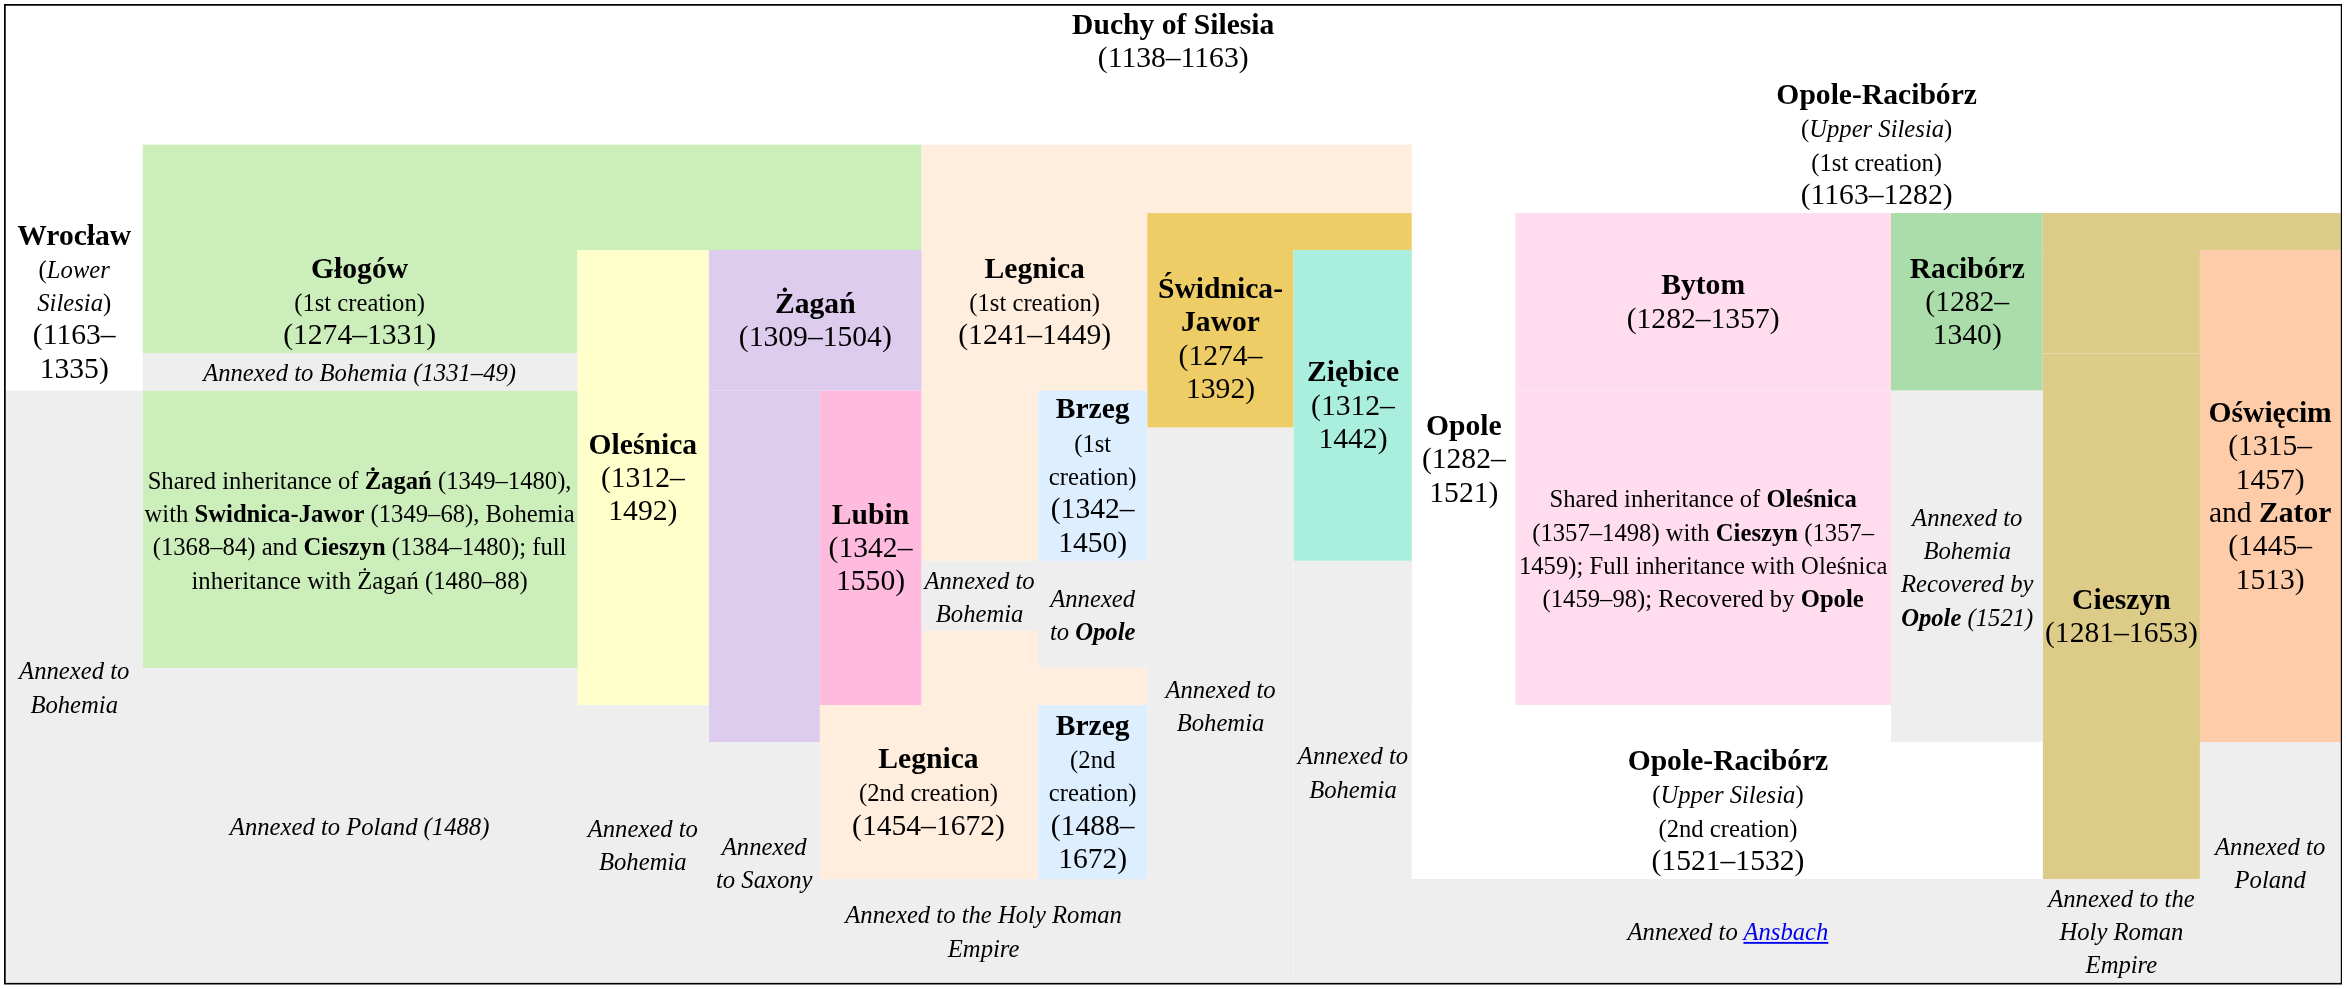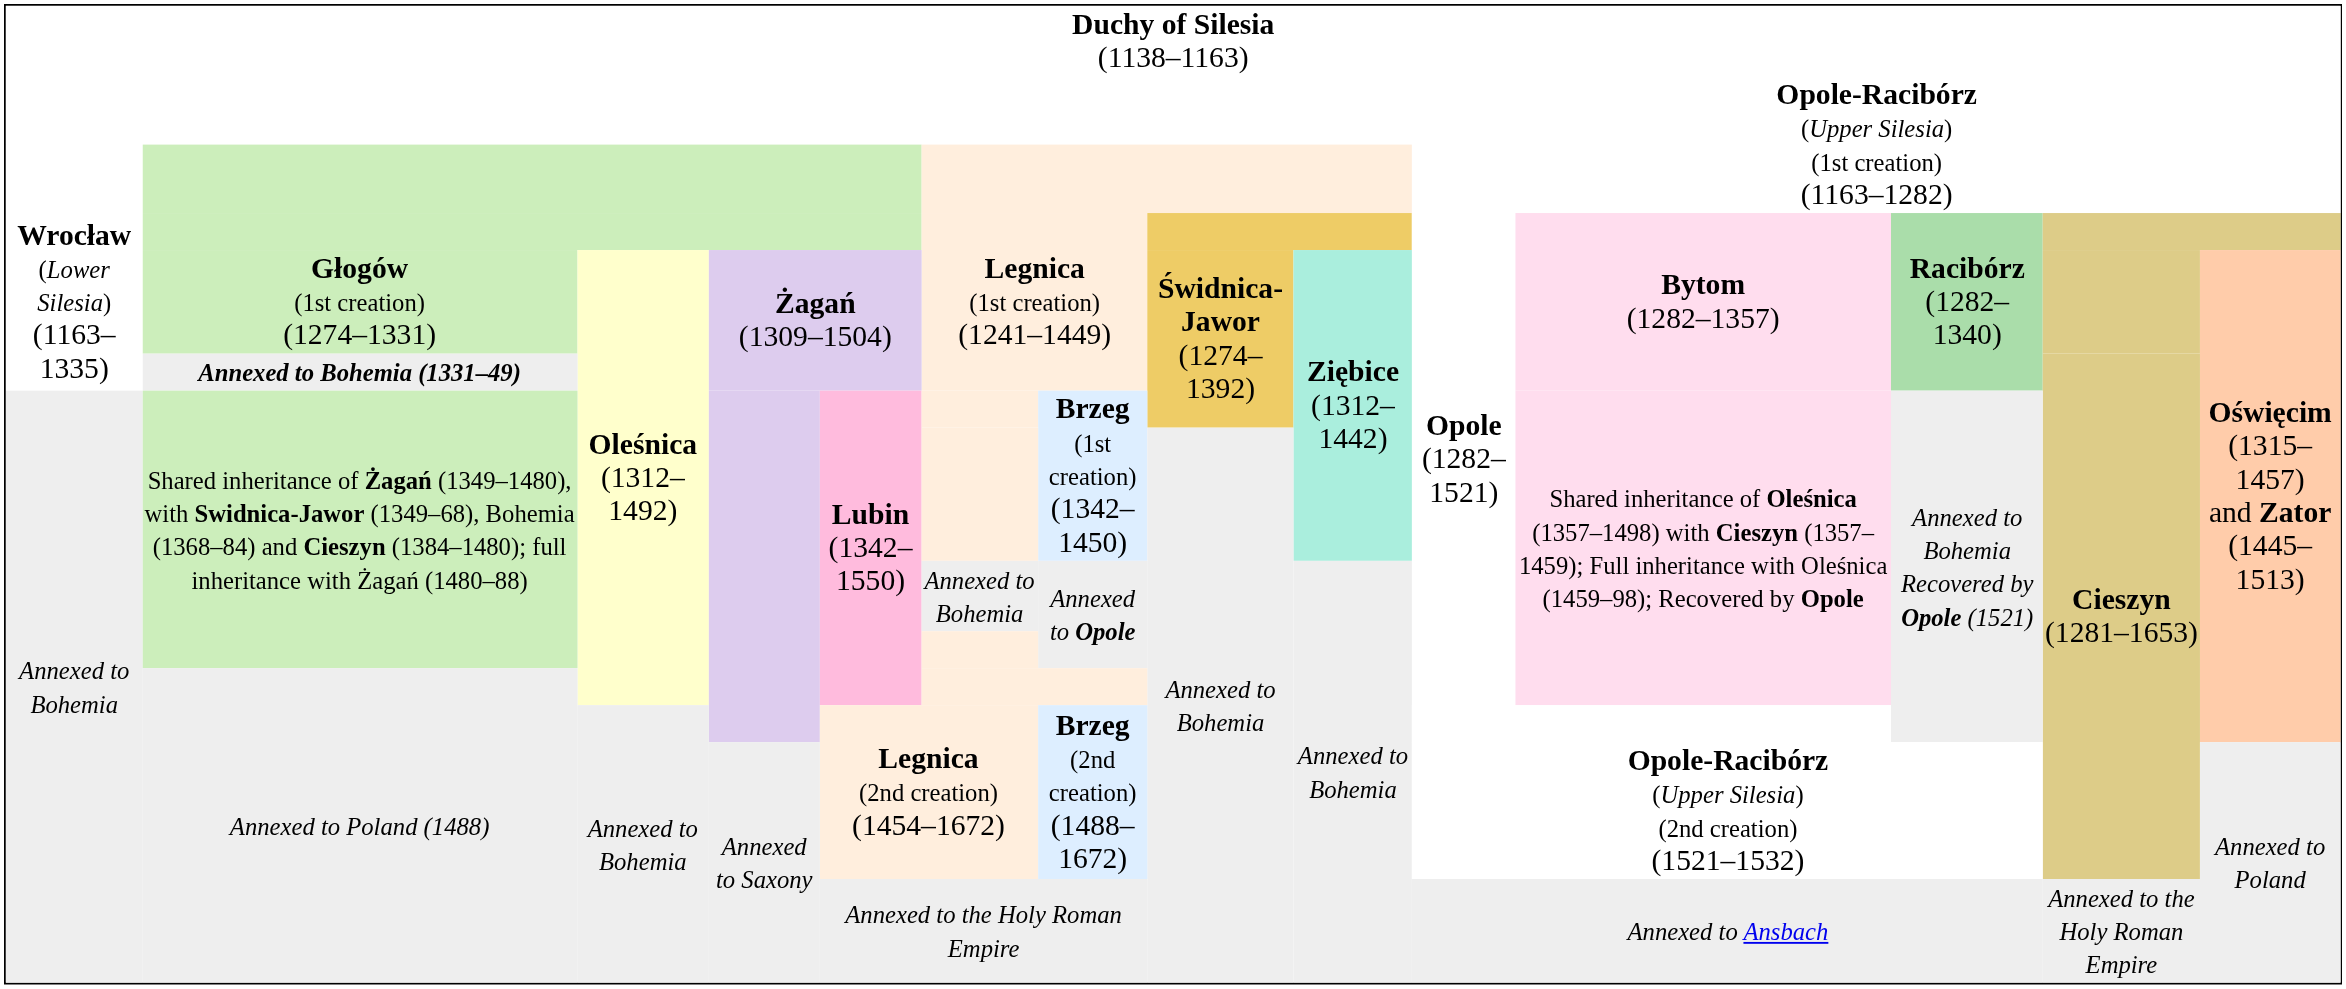 <table align=center style="border-spacing: 0px; border: 1px solid black; text-align: center;">
 <tr>
 <td colspan=14 style="background: #fff;"><strong>Duchy of Silesia</strong><br>(1138–1163)</td>
 </tr>
 <tr>
 <td colspan=9 style="background: #fff;">      </td>
 <td colspan=5 rowspan="2" style="background: #fff;"><strong>Opole-Racibórz</strong><br><small>(<em>Upper Silesia</em>)<br>(1st creation)</small><br>(1163–1282)</td>
 </tr>
 <tr>
 <td colspan=1 style="background: #fff;">      </td>
 <td colspan=4 style="background: #ceb;">      </td>
 <td colspan=4 style="background: #fed;">      </td>
 </tr>
 <tr>
 <td colspan=1 rowspan="3" style="background: #fff;"><strong>Wrocław</strong><br><small>(<em>Lower Silesia</em>)</small><br>(1163–1335)</td>
 <td colspan=4 style="background: #ceb;">      </td>
 <td colspan=2 rowspan="4" style="background: #fed;"><strong>Legnica</strong><br><small>(1st creation)</small><br>(1241–1449)</td>
 <td colspan=2 style="background: #ec6;">      </td>
 <td colspan=1 rowspan="9" style="background: #fff;"><strong>Opole</strong> <br>(1282–1521)</td>
 <td colspan=1 rowspan="4" style="background: #fde;"><strong>Bytom</strong><br>(1282–1357)</td>
 <td colspan=1 rowspan="3" style="background: #ada;"><strong>Racibórz</strong><br>(1282–1340)</td>
 <td colspan=2 style="background: #dc8;">      </td>
 </tr>
 <tr>
 <td colspan=1 style="background: #ceb;"><strong>Głogów</strong><br><small>(1st creation)</small><br>(1274–1331)</td>
 <td colspan=1 rowspan="8" style="background: #ffc;"><strong>Oleśnica</strong> <br>(1312–1492)</td>
 <td colspan=2 rowspan="3" style="background: #dce;"><strong>Żagań</strong><br>(1309–1504)</td>
 <td colspan=1 rowspan="4" style="background: #ec6;"><strong>Świdnica-Jawor</strong><br>(1274–1392)</td>
 <td colspan=1 rowspan="5" style="background: #aed;"><strong>Ziębice</strong><br>(1312–1442)</td>
 <td colspan=1 style="background: #dc8;">      </td>
 <td colspan=1 rowspan="9" style="background: #fca;"><strong>Oświęcim</strong><br>(1315–1457)<br>and <strong>Zator</strong><br>(1445–1513)</td>
 </tr>
 <tr>
-<td colspan=1 style="background: #eee;"><small><em>Annexed to Bohemia (1331–49)</em></small></td>
+<td colspan=1 style="background: #eee;"><strong><small><em>Annexed to Bohemia (1331–49)</em></small></strong></td>
 <td colspan=1 rowspan="10" style="background: #dc8;"><strong>Cieszyn</strong><br>(1281–1653)</td>
 </tr>
 <tr>
 <td colspan=1 rowspan="10" style="background: #eee;"><small><em>Annexed to Bohemia</em></small></td>
 <td colspan=1 rowspan="5" style="background: #ceb;"><small>Shared inheritance of <span><strong>Żagań</strong> (1349–1480)</span>, with <span><strong>Swidnica-Jawor</strong> (1349–68)</span>, Bohemia (1368–84) and <span><strong>Cieszyn</strong> (1384–1480)</span>; full inheritance with Żagań (1480–88)</small></td>
 <td colspan=1 rowspan="7" style="background: #eee;"><small><em>Annexed to Bohemia<br>Recovered by <span><strong>Opole</strong></span> (1521)</em></small></td>
 </tr>
 <tr>
 <td colspan=1 rowspan="6" style="background: #dce;">      </td>
 <td colspan=1 rowspan="5" style="background: #fbd;"><strong>Lubin</strong><br>(1342–1550)</td>
 <td colspan=1 style="background: #fed;">      </td>
 <td colspan=1 rowspan="2" style="background: #def;"><strong>Brzeg</strong><br><small>(1st creation)</small><br>(1342–1450)</td>
 <td colspan=1 rowspan="5" style="background: #fde;"><small>Shared inheritance of <span><strong>Oleśnica</strong> (1357–1498)</span> with <span><strong>Cieszyn</strong> (1357–1459)</span>; Full inheritance with Oleśnica (1459–98); Recovered by <span><strong>Opole</strong></span></small></td>
 </tr>
 <tr>
 <td colspan=1 style="background: #fed;">      </td>
 <td colspan=1 rowspan="8" style="background: #eee;"><small><em>Annexed to Bohemia</em></small></td>
 </tr>
 <tr>
 <td colspan=1 style="background: #eee;"><small><em>Annexed to Bohemia</em></small></td>
 <td colspan=1 rowspan="2" style="background: #eee;"><small><em>Annexed to <span><strong>Opole</strong></span></em></small></td>
 <td colspan=1 rowspan="7" style="background: #eee;"><small><em>Annexed to Bohemia</em></small></td>
 </tr>
 <tr>
 <td colspan=1 style="background: #fed;">      </td>
 </tr>
 <tr>
 <td colspan=1 rowspan="5" style="background: #eee;"><small><em>Annexed to Poland (1488)</em></small></td>
 <td colspan=2 style="background: #fed;">      </td>
 </tr>
 <tr>
 <td colspan=1 rowspan="4" style="background: #eee;"><small><em>Annexed to Bohemia</em></small></td>
 <td colspan=2 rowspan="3"  style="background: #fed;"><strong>Legnica</strong><br><small>(2nd creation)</small><br>(1454–1672)</td>
 <td colspan=1 rowspan="3" style="background: #def;"><strong>Brzeg</strong><br><small>(2nd creation)</small><br>(1488–1672)</td>
 <td colspan=2 style="background: #fff;">      </td>
 </tr>
 <tr>
 <td colspan=1 rowspan="3" style="background: #eee;"><small><em>Annexed to Saxony</em></small></td>
 <td colspan=3 style="background: #fff;"><strong>Opole-Racibórz</strong><br><small>(<em>Upper Silesia</em>)<br>(2nd creation)</small><br>(1521–1532)</td>
 <td colspan=1 rowspan="3" style="background: #eee;"><small><em>Annexed to Poland</em></small></td>
 </tr>
 <tr>
 <td colspan=3 rowspan="2" style="background: #eee;"><small><em>Annexed to <a href='#'>Ansbach</a></em></small></td>
 </tr>
 <tr>
 <td colspan=3 style="background: #eee;"><small><em>Annexed to the Holy Roman Empire</em></small></td>
 <td colspan=1 style="background: #eee;"><small><em>Annexed to the Holy Roman Empire</em></small></td>
 </tr>
 </table>
